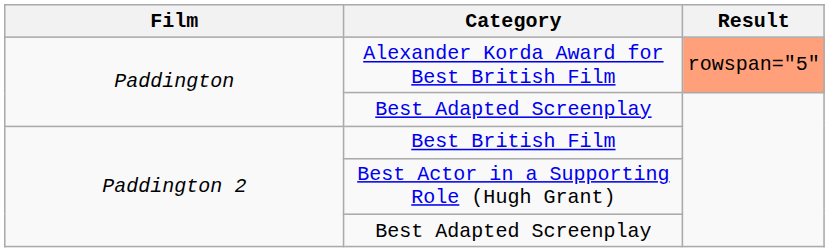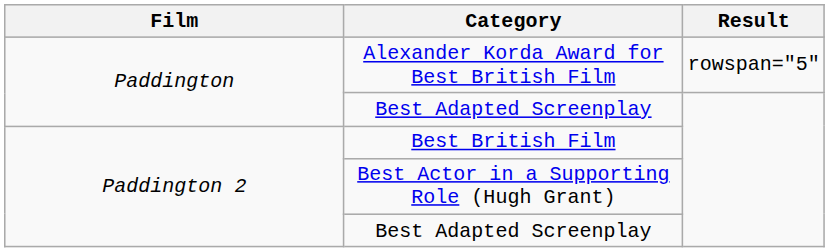 <table class="wikitable" style="text-align: center;">
 <tr>
 <th style="width:214px;">Film</th>
 <th style="width:214px;">Category</th>
 <th style="width=150px;">Result</th>
 </tr>
 <tr>
 <td rowspan="2"><em>Paddington</em></td>
 <td><a href='#'>Alexander Korda Award for Best British Film</a></td>
-<td style="background: lightsalmon;">rowspan="5" </td>
+<td>rowspan="5" </td>
 </tr>
 <tr>
 <td><a href='#'>Best Adapted Screenplay</a></td>
 </tr>
 <tr>
 <td rowspan="3"><em>Paddington 2</em></td>
 <td><a href='#'>Best British Film</a></td>
 </tr>
 <tr>
 <td><a href='#'>Best Actor in a Supporting Role</a> (Hugh Grant)</td>
 </tr>
 <tr>
 <td>Best Adapted Screenplay</td>
 </tr>
 </table>
